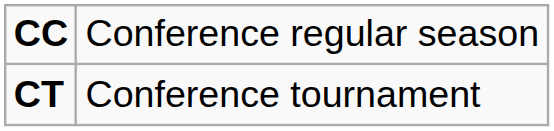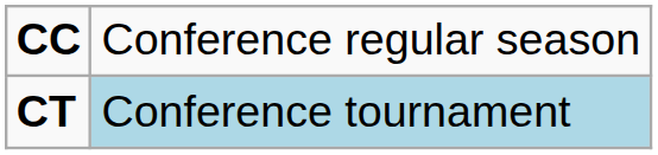 <table class="wikitable">
 <tr>
 <td><strong>CC</strong></td>
 <td>Conference regular season</td>
 </tr>
 <tr>
 <td><strong>CT</strong></td>
-<td>Conference tournament</td>
+<td style="background: lightblue;">Conference tournament</td>
 </tr>
 </table>
